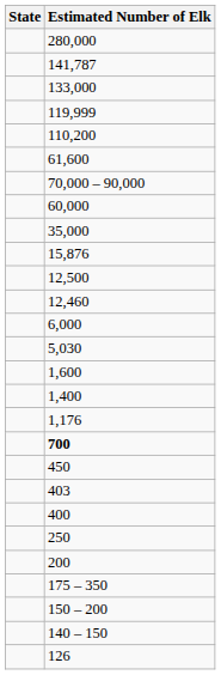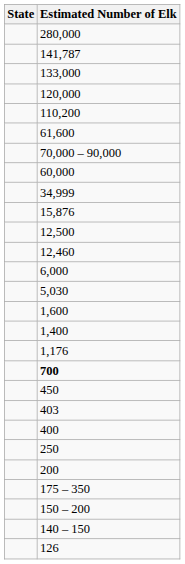 <table class="wikitable sortable">
 <tr>
 <th class="sortable">State</th>
 <th class="sortable">Estimated Number of Elk</th>
 </tr>
 <tr>
 <td></td>
 <td>280,000 </td>
 </tr>
 <tr>
 <td></td>
 <td>141,787 </td>
 </tr>
 <tr>
 <td></td>
 <td>133,000 </td>
 </tr>
 <tr>
 <td></td>
-<td>119,999 </td>
+<td>120,000 </td>
 </tr>
 <tr>
 <td></td>
 <td>110,200 </td>
 </tr>
 <tr>
 <td></td>
 <td>61,600 </td>
 </tr>
 <tr>
 <td></td>
 <td>70,000 – 90,000 </td>
 </tr>
 <tr>
 <td></td>
 <td>60,000 </td>
 </tr>
 <tr>
 <td></td>
-<td>35,000</td>
+<td>34,999</td>
 </tr>
 <tr>
 <td></td>
 <td>15,876 </td>
 </tr>
 <tr>
 <td></td>
 <td>12,500 </td>
 </tr>
 <tr>
 <td></td>
 <td>12,460 </td>
 </tr>
 <tr>
 <td></td>
 <td>6,000 </td>
 </tr>
 <tr>
 <td></td>
 <td>5,030 </td>
 </tr>
 <tr>
 <td></td>
 <td>1,600</td>
 </tr>
 <tr>
 <td></td>
 <td>1,400 </td>
 </tr>
 <tr>
 <td></td>
 <td>1,176 </td>
 </tr>
 <tr>
 <td></td>
 <td><strong>700 </strong></td>
 </tr>
 <tr>
 <td></td>
 <td>450 </td>
 </tr>
 <tr>
 <td></td>
 <td>403 </td>
 </tr>
 <tr>
 <td></td>
 <td>400 </td>
 </tr>
 <tr>
 <td></td>
 <td>250 </td>
 </tr>
 <tr>
 <td></td>
 <td>200 </td>
 </tr>
 <tr>
 <td></td>
 <td>175 – 350 </td>
 </tr>
 <tr>
 <td></td>
 <td>150 – 200 </td>
 </tr>
 <tr>
 <td></td>
 <td>140 – 150 </td>
 </tr>
 <tr>
 <td></td>
 <td>126 </td>
 </tr>
 </table>
